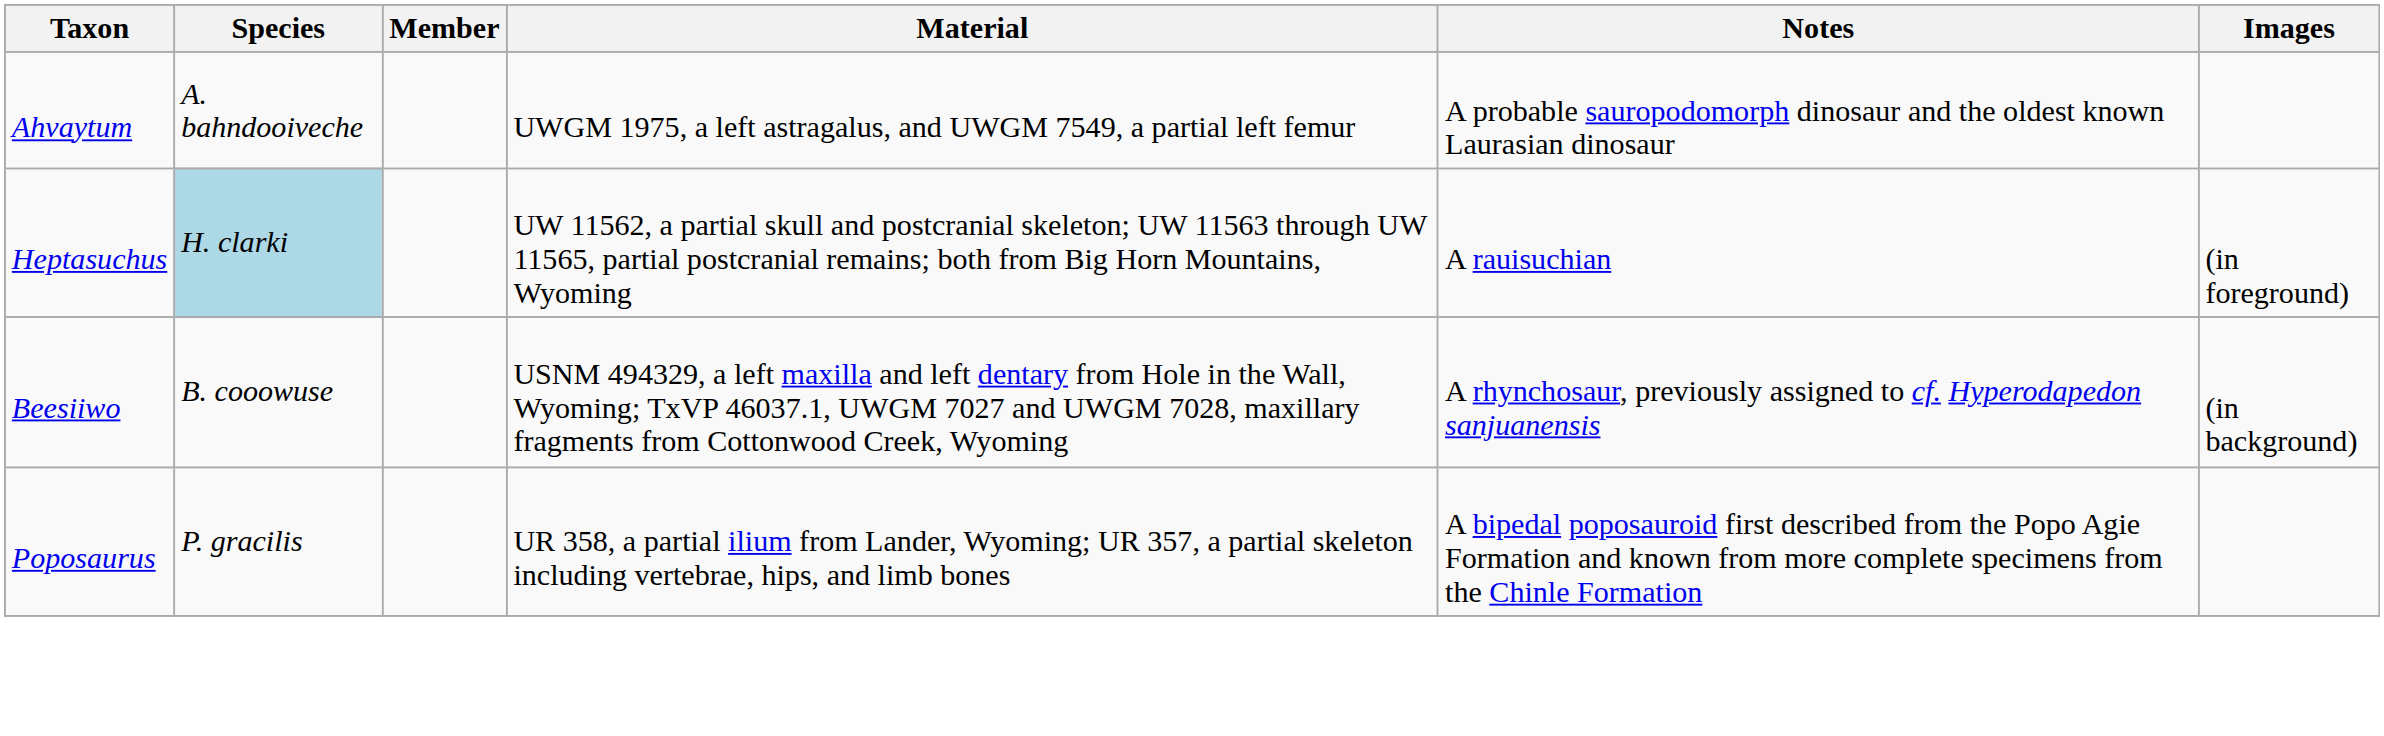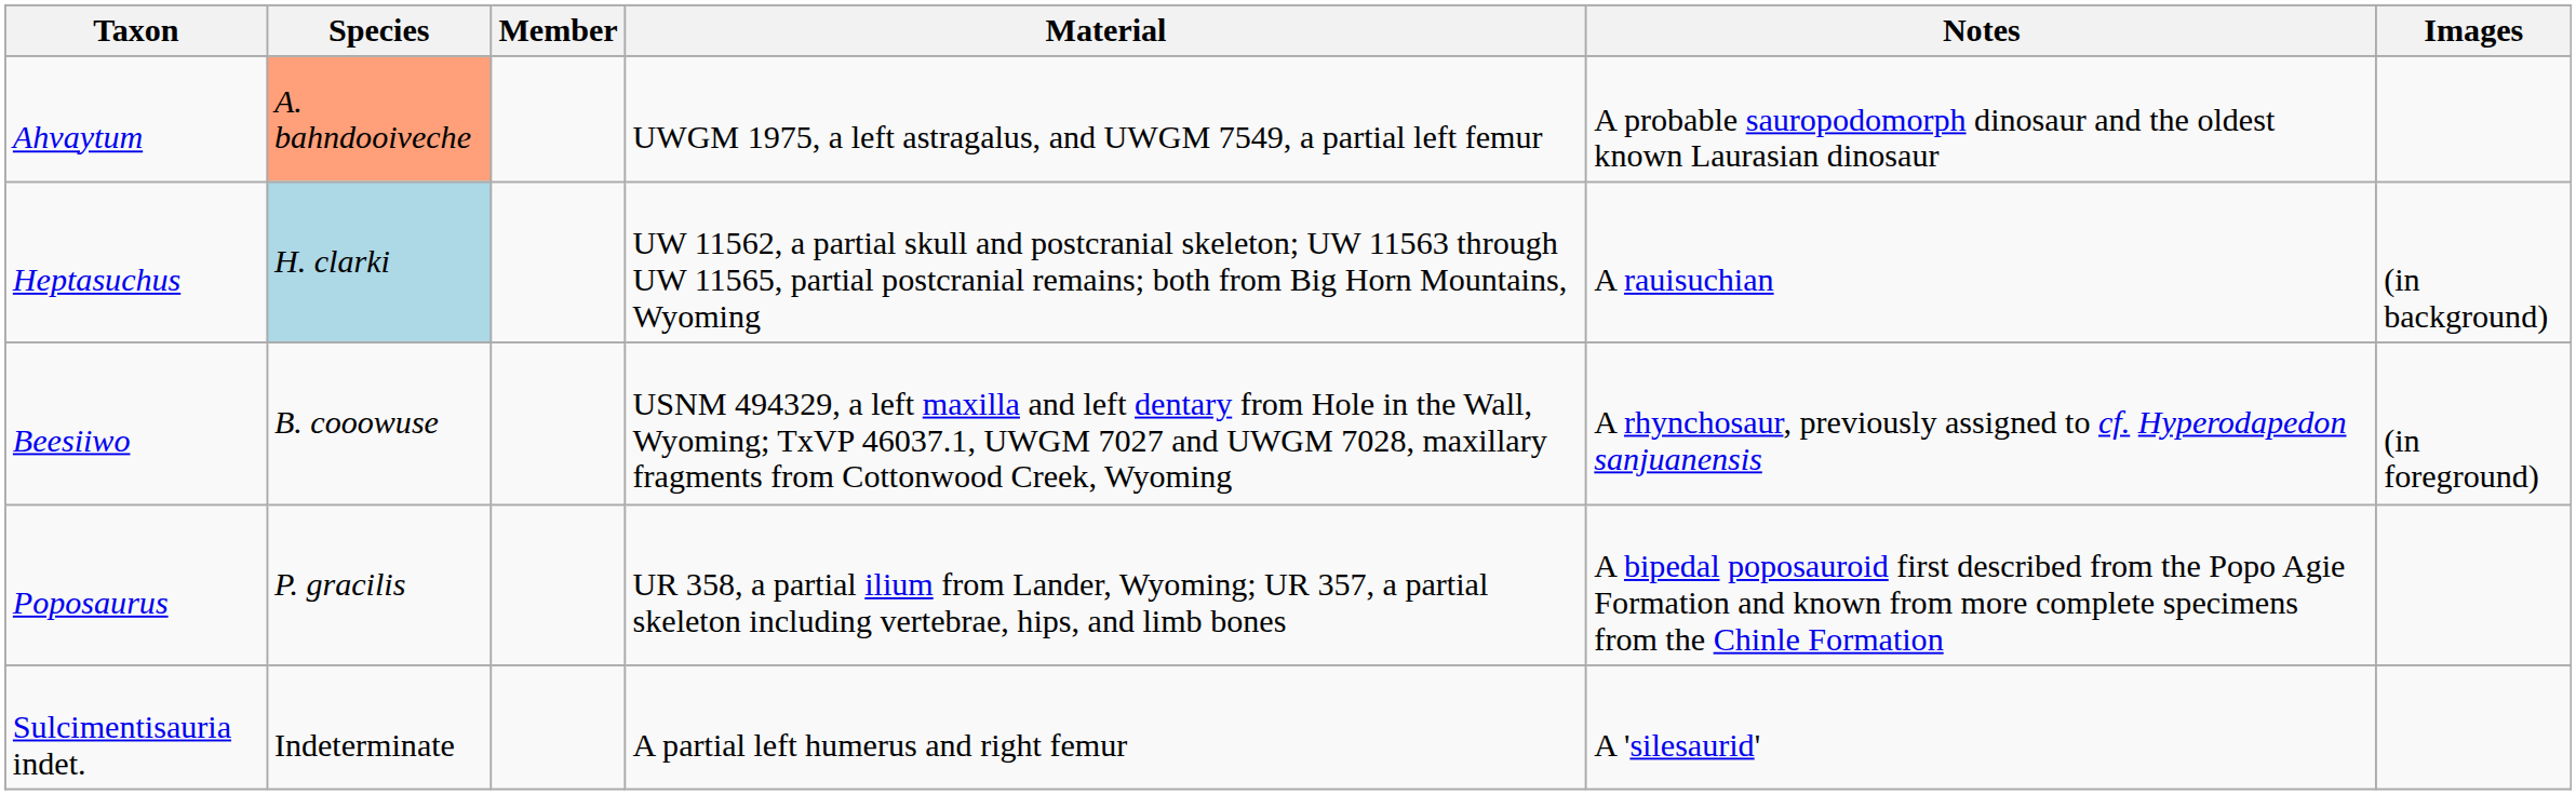 <table class="wikitable sortable" align="center" width="100%">
 <tr>
 <th>Taxon</th>
 <th>Species</th>
 <th>Member</th>
 <th class="unsortable">Material</th>
 <th class="unsortable">Notes</th>
 <th class="unsortable">Images</th>
 </tr>
 <tr>
 <td><br><em><a href='#'>Ahvaytum</a></em></td>
-<td><em>A. bahndooiveche</em></td>
+<td style="background: lightsalmon;"><em>A. bahndooiveche</em></td>
 <td></td>
 <td><br>UWGM 1975, a left astragalus, and UWGM 7549, a partial left femur</td>
 <td><br>A probable <a href='#'>sauropodomorph</a> dinosaur and the oldest known Laurasian dinosaur</td>
 <td></td>
 </tr>
 <tr>
 <td><br><em><a href='#'>Heptasuchus</a></em></td>
 <td style="background: lightblue;"><em>H. clarki</em></td>
 <td></td>
 <td><br>UW 11562, a partial skull and postcranial skeleton; UW 11563 through UW 11565, partial postcranial remains; both from Big Horn Mountains, Wyoming</td>
 <td><br>A <a href='#'>rauisuchian</a></td>
-<td><br> <br>(in foreground)</td>
+<td><br> <br>(in background)</td>
 </tr>
 <tr>
 <td><br><em><a href='#'>Beesiiwo</a></em></td>
 <td><em>B. cooowuse</em></td>
 <td></td>
 <td><br>USNM 494329, a left <a href='#'>maxilla</a> and left <a href='#'>dentary</a> from Hole in the Wall, Wyoming; TxVP 46037.1, UWGM 7027 and UWGM 7028, maxillary fragments from Cottonwood Creek, Wyoming</td>
 <td><br>A <a href='#'>rhynchosaur</a>, previously assigned to <em><a href='#'>cf.</a> <a href='#'>Hyperodapedon sanjuanensis</a></em></td>
-<td><br> <br>(in background)</td>
+<td><br> <br>(in foreground)</td>
 </tr>
 <tr>
 <td><br><em><a href='#'>Poposaurus</a></em></td>
 <td><em>P. gracilis</em></td>
 <td></td>
 <td><br>UR 358, a partial <a href='#'>ilium</a> from Lander, Wyoming; UR 357, a partial skeleton including vertebrae, hips, and limb bones</td>
 <td><br>A <a href='#'>bipedal</a> <a href='#'>poposauroid</a> first described from the Popo Agie Formation and known from more complete specimens from the <a href='#'>Chinle Formation</a></td>
 <td><br></td>
 </tr>
+<tr>
+<td><br><a href='#'>Sulcimentisauria</a> indet.</td>
+<td><br>Indeterminate</td>
+<td></td>
+<td><br>A partial left humerus and right femur</td>
+<td><br>A '<a href='#'>silesaurid</a>'</td>
+<td></td>
+</tr>
 </table>
